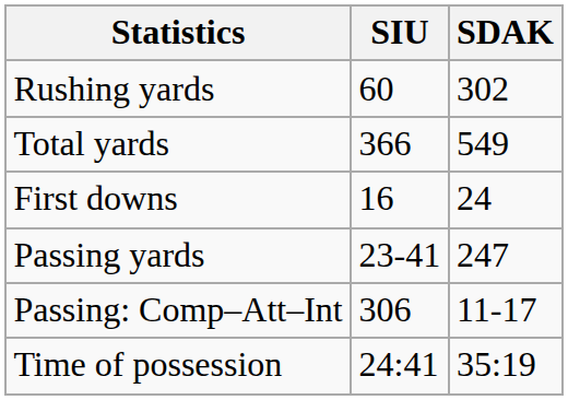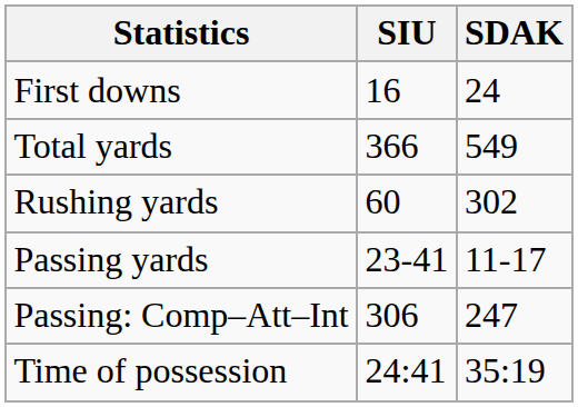 <table class="wikitable" style="float: left;">
 <tr>
 <th>Statistics</th>
 <th>SIU</th>
 <th>SDAK</th>
 </tr>
 <tr>
-<td>Rushing yards</td>
-<td>60</td>
-<td>302</td>
+<td>First downs</td>
+<td>16</td>
+<td>24</td>
 </tr>
 <tr>
 <td>Total yards</td>
 <td>366</td>
 <td>549</td>
 </tr>
 <tr>
-<td>First downs</td>
-<td>16</td>
-<td>24</td>
+<td>Rushing yards</td>
+<td>60</td>
+<td>302</td>
 </tr>
 <tr>
 <td>Passing yards</td>
 <td>23-41</td>
-<td>247</td>
+<td>11-17</td>
 </tr>
 <tr>
 <td>Passing: Comp–Att–Int</td>
 <td>306</td>
-<td>11-17</td>
+<td>247</td>
 </tr>
 <tr>
 <td>Time of possession</td>
 <td>24:41</td>
 <td>35:19</td>
 </tr>
 <tr>
 </tr>
 </table>
